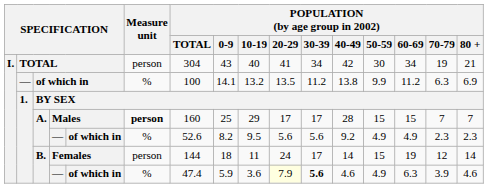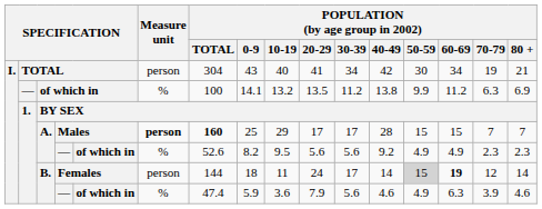 <table class="wikitable" style="font-size:85%; text-align:center">
 <tr>
 <th rowspan="2" colspan="5">SPECIFICATION</th>
 <th rowspan="2">Measure<br> unit</th>
 <th colspan="10" rowspan="1">POPULATION<br> (by age group in 2002)</th>
 </tr>
 <tr>
 <th>TOTAL</th>
 <th>0-9</th>
 <th>10-19</th>
 <th>20-29</th>
 <th>30-39</th>
 <th>40-49</th>
 <th>50-59</th>
 <th>60-69</th>
 <th>70-79</th>
 <th>80 +</th>
 </tr>
 <tr>
 <th style="text-align:left" valign="top" rowspan="7">I.</th>
 <th style="text-align:left" colspan="4">TOTAL</th>
 <td>person</td>
 <td>304</td>
 <td>43</td>
 <td>40</td>
 <td>41</td>
 <td>34</td>
 <td>42</td>
 <td>30</td>
 <td>34</td>
 <td>19</td>
 <td>21</td>
 </tr>
 <tr>
 <th style="text-align:left" valign="top">—</th>
 <th style="text-align:left" colspan="3">of which in</th>
 <td>%</td>
 <td>100</td>
 <td>14.1</td>
 <td>13.2</td>
 <td>13.5</td>
 <td>11.2</td>
 <td>13.8</td>
 <td>9.9</td>
 <td>11.2</td>
 <td>6.3</td>
 <td>6.9</td>
 </tr>
 <tr>
 <th style="text-align:left" valign="top" rowspan="5">1.</th>
 <th style="text-align:left" colspan="14">BY SEX</th>
 </tr>
 <tr>
 <th style="text-align:left" valign="top" rowspan="2">A.</th>
 <th style="text-align:left" colspan="2">Males</th>
 <td><strong>person</strong></td>
-<td>160</td>
+<td><strong>160</strong></td>
 <td>25</td>
 <td>29</td>
 <td>17</td>
 <td>17</td>
 <td>28</td>
 <td>15</td>
 <td>15</td>
 <td>7</td>
 <td>7</td>
 </tr>
 <tr>
 <th style="text-align:left" valign="top">—</th>
 <th style="text-align:left" colspan="1">of which in</th>
 <td>%</td>
 <td>52.6</td>
 <td>8.2</td>
 <td>9.5</td>
 <td>5.6</td>
 <td>5.6</td>
 <td>9.2</td>
 <td>4.9</td>
 <td>4.9</td>
 <td>2.3</td>
 <td>2.3</td>
 </tr>
 <tr>
 <th style="text-align:left" valign="top" rowspan="2">B.</th>
 <th style="text-align:left" colspan="2">Females</th>
 <td>person</td>
 <td>144</td>
 <td>18</td>
 <td>11</td>
 <td>24</td>
 <td>17</td>
 <td>14</td>
-<td>15</td>
-<td>19</td>
+<td style="background: lightgrey;">15</td>
+<td><strong>19</strong></td>
 <td>12</td>
 <td>14</td>
 </tr>
 <tr>
 <th style="text-align:left" valign="top">—</th>
 <th style="text-align:left" colspan="1">of which in</th>
 <td>%</td>
 <td>47.4</td>
 <td>5.9</td>
 <td>3.6</td>
-<td style="background: lightyellow;">7.9</td>
-<td><strong>5.6</strong></td>
+<td>7.9</td>
+<td>5.6</td>
 <td>4.6</td>
 <td>4.9</td>
 <td>6.3</td>
 <td>3.9</td>
 <td>4.6</td>
 </tr>
 </table>
